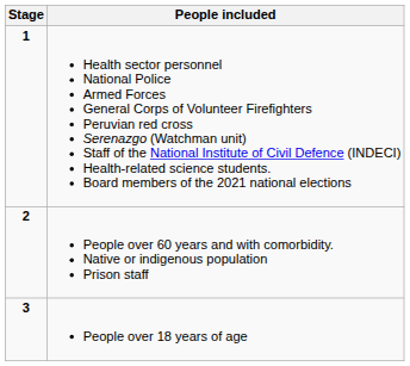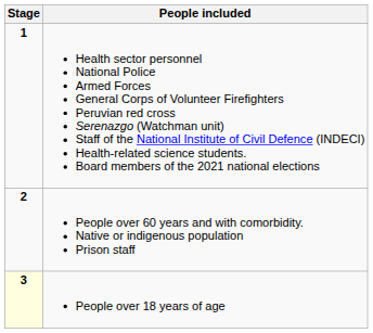 <table class="wikitable">
 <tr>
 <th>Stage</th>
 <th>People included</th>
 </tr>
 <tr>
 <td valign="top" align="center"><strong>1</strong></td>
 <td><br><ul><li>Health sector personnel</li><li>National Police</li><li>Armed Forces</li><li>General Corps of Volunteer Firefighters</li><li>Peruvian red cross</li><li><em>Serenazgo</em> (Watchman unit)</li><li>Staff of the <a href='#'>National Institute of Civil Defence</a> (INDECI)</li><li>Health-related science students.</li><li>Board members of the 2021 national elections</li></ul></td>
 </tr>
 <tr>
 <td valign="top" align="center"><strong>2</strong></td>
 <td><br><ul><li>People over 60 years and with comorbidity.</li><li>Native or indigenous population</li><li>Prison staff</li></ul></td>
 </tr>
 <tr>
-<td valign="top" align="center"><strong>3</strong></td>
+<td valign="top" align="center" style="background: lightyellow;"><strong>3</strong></td>
 <td><br><ul><li>People over 18 years of age</li></ul></td>
 </tr>
 </table>
